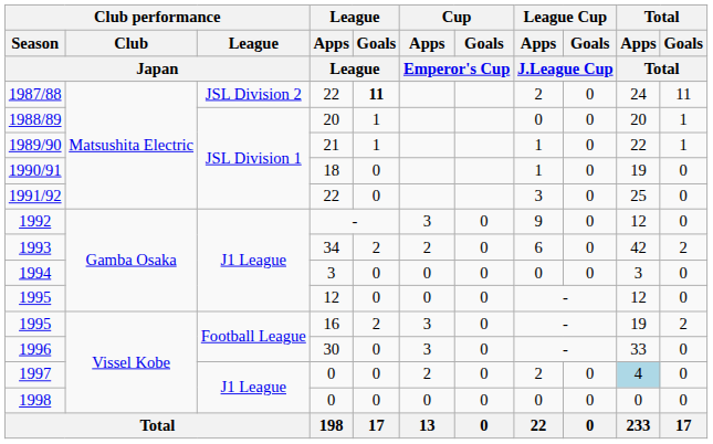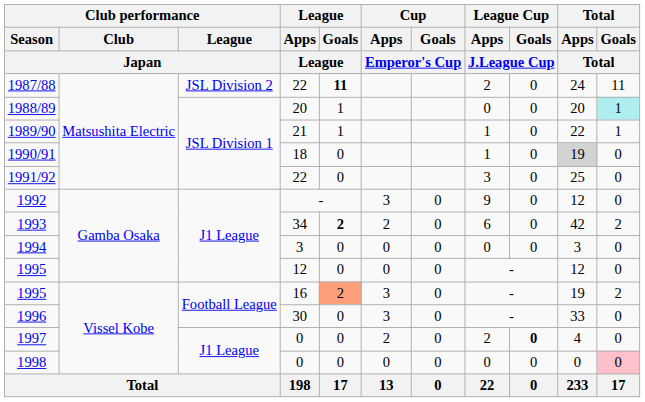 <table class="wikitable" style="text-align:center;">
 <tr>
 <th colspan=3>Club performance</th>
 <th colspan=2>League</th>
 <th colspan=2>Cup</th>
 <th colspan=2>League Cup</th>
 <th colspan=2>Total</th>
 </tr>
 <tr>
 <th>Season</th>
 <th>Club</th>
 <th>League</th>
 <th>Apps</th>
 <th>Goals</th>
 <th>Apps</th>
 <th>Goals</th>
 <th>Apps</th>
 <th>Goals</th>
 <th>Apps</th>
 <th>Goals</th>
 </tr>
 <tr>
 <th colspan=3>Japan</th>
 <th colspan=2>League</th>
 <th colspan=2><a href='#'>Emperor's Cup</a></th>
 <th colspan=2><a href='#'>J.League Cup</a></th>
 <th colspan=2>Total</th>
 </tr>
 <tr>
 <td><a href='#'>1987/88</a></td>
 <td rowspan="5"><a href='#'>Matsushita Electric</a></td>
 <td><a href='#'>JSL Division 2</a></td>
 <td>22</td>
 <td><strong>11</strong></td>
 <td></td>
 <td></td>
 <td>2</td>
 <td>0</td>
 <td>24</td>
 <td>11</td>
 </tr>
 <tr>
 <td><a href='#'>1988/89</a></td>
 <td rowspan="4"><a href='#'>JSL Division 1</a></td>
 <td>20</td>
 <td>1</td>
 <td></td>
 <td></td>
 <td>0</td>
 <td>0</td>
 <td>20</td>
-<td>1</td>
+<td style="background: paleturquoise;">1</td>
 </tr>
 <tr>
 <td><a href='#'>1989/90</a></td>
 <td>21</td>
 <td>1</td>
 <td></td>
 <td></td>
 <td>1</td>
 <td>0</td>
 <td>22</td>
 <td>1</td>
 </tr>
 <tr>
 <td><a href='#'>1990/91</a></td>
 <td>18</td>
 <td>0</td>
 <td></td>
 <td></td>
 <td>1</td>
 <td>0</td>
-<td>19</td>
+<td style="background: lightgrey;">19</td>
 <td>0</td>
 </tr>
 <tr>
 <td><a href='#'>1991/92</a></td>
 <td>22</td>
 <td>0</td>
 <td></td>
 <td></td>
 <td>3</td>
 <td>0</td>
 <td>25</td>
 <td>0</td>
 </tr>
 <tr>
 <td><a href='#'>1992</a></td>
 <td rowspan="4"><a href='#'>Gamba Osaka</a></td>
 <td rowspan="4"><a href='#'>J1 League</a></td>
 <td colspan="2">-</td>
 <td>3</td>
 <td>0</td>
 <td>9</td>
 <td>0</td>
 <td>12</td>
 <td>0</td>
 </tr>
 <tr>
 <td><a href='#'>1993</a></td>
 <td>34</td>
-<td>2</td>
+<td><strong>2</strong></td>
 <td>2</td>
 <td>0</td>
 <td>6</td>
 <td>0</td>
 <td>42</td>
 <td>2</td>
 </tr>
 <tr>
 <td><a href='#'>1994</a></td>
 <td>3</td>
 <td>0</td>
 <td>0</td>
 <td>0</td>
 <td>0</td>
 <td>0</td>
 <td>3</td>
 <td>0</td>
 </tr>
 <tr>
 <td><a href='#'>1995</a></td>
 <td>12</td>
 <td>0</td>
 <td>0</td>
 <td>0</td>
 <td colspan="2">-</td>
 <td>12</td>
 <td>0</td>
 </tr>
 <tr>
 <td><a href='#'>1995</a></td>
 <td rowspan="4"><a href='#'>Vissel Kobe</a></td>
 <td rowspan="2"><a href='#'>Football League</a></td>
 <td>16</td>
-<td>2</td>
+<td style="background: lightsalmon;">2</td>
 <td>3</td>
 <td>0</td>
 <td colspan="2">-</td>
 <td>19</td>
 <td>2</td>
 </tr>
 <tr>
 <td><a href='#'>1996</a></td>
 <td>30</td>
 <td>0</td>
 <td>3</td>
 <td>0</td>
 <td colspan="2">-</td>
 <td>33</td>
 <td>0</td>
 </tr>
 <tr>
 <td><a href='#'>1997</a></td>
 <td rowspan="2"><a href='#'>J1 League</a></td>
 <td>0</td>
 <td>0</td>
 <td>2</td>
 <td>0</td>
 <td>2</td>
-<td>0</td>
-<td style="background: lightblue;">4</td>
+<td><strong>0</strong></td>
+<td>4</td>
 <td>0</td>
 </tr>
 <tr>
 <td><a href='#'>1998</a></td>
 <td>0</td>
 <td>0</td>
 <td>0</td>
 <td>0</td>
 <td>0</td>
 <td>0</td>
 <td>0</td>
-<td>0</td>
+<td style="background: pink;">0</td>
 </tr>
 <tr>
 <th colspan=3>Total</th>
 <th>198</th>
 <th>17</th>
 <th>13</th>
 <th>0</th>
 <th>22</th>
 <th>0</th>
 <th>233</th>
 <th>17</th>
 </tr>
 </table>
